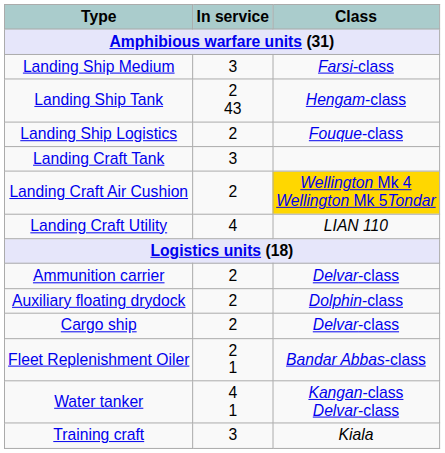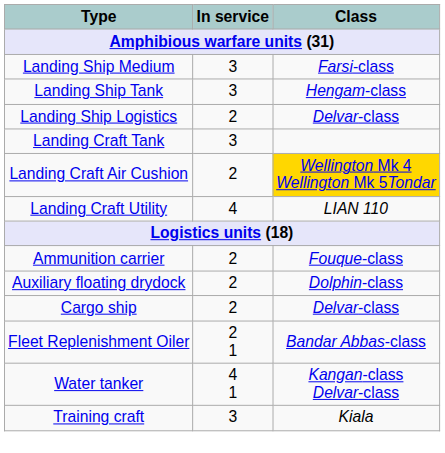 <table class="wikitable" style="text-align: center">
 <tr>
 <th style="text-align:center; background:#acc;">Type</th>
 <th style="text-align: center; background:#acc;">In service</th>
 <th style="text-align:l center; background:#acc;">Class</th>
 </tr>
 <tr>
 <th style="align: center; background: lavender;" colspan="7"><a href='#'>Amphibious warfare units</a> (31)</th>
 </tr>
 <tr>
 <td><a href='#'>Landing Ship Medium</a></td>
 <td>3</td>
 <td><a href='#'><em>Farsi</em>-class</a></td>
 </tr>
 <tr>
 <td><a href='#'>Landing Ship Tank</a></td>
-<td>2<br>43</td>
+<td>3</td>
 <td><a href='#'><em>Hengam</em>-class</a></td>
 </tr>
 <tr>
 <td><a href='#'>Landing Ship Logistics</a></td>
 <td>2</td>
-<td><a href='#'><em>Fouque</em>-class</a></td>
+<td><a href='#'><em>Delvar</em>-class</a></td>
 </tr>
 <tr>
 <td><a href='#'>Landing Craft Tank</a></td>
 <td>3</td>
 <td></td>
 </tr>
 <tr>
 <td><a href='#'>Landing Craft Air Cushion</a></td>
 <td>2</td>
 <td style="background: gold;"><a href='#'><em>Wellington</em> Mk 4</a><br><a href='#'><em>Wellington</em> Mk 5</a><a href='#'><em>Tondar</em></a></td>
 </tr>
 <tr>
 <td><a href='#'>Landing Craft Utility</a></td>
 <td>4</td>
 <td><em>LIAN 110</em></td>
 </tr>
 <tr>
 <th style="align: center; background: lavender;" colspan="7"><a href='#'>Logistics units</a> (18)</th>
 </tr>
 <tr>
 <td><a href='#'>Ammunition carrier</a></td>
 <td>2</td>
-<td><a href='#'><em>Delvar</em>-class</a></td>
+<td><a href='#'><em>Fouque</em>-class</a></td>
 </tr>
 <tr>
 <td><a href='#'>Auxiliary floating drydock</a></td>
 <td>2</td>
 <td><a href='#'><em>Dolphin</em>-class</a></td>
 </tr>
 <tr>
 <td><a href='#'>Cargo ship</a></td>
 <td>2</td>
 <td><a href='#'><em>Delvar</em>-class</a></td>
 </tr>
 <tr>
 <td><a href='#'>Fleet Replenishment Oiler</a></td>
 <td>2<br>1</td>
 <td><a href='#'><em>Bandar Abbas</em>-class</a></td>
 </tr>
 <tr>
 <td><a href='#'>Water tanker</a></td>
 <td>4<br>1</td>
 <td><a href='#'><em>Kangan</em>-class</a><br><a href='#'><em>Delvar</em>-class</a></td>
 </tr>
 <tr>
 <td><a href='#'>Training craft</a></td>
 <td>3</td>
 <td><em>Kiala</em></td>
 </tr>
 </table>
